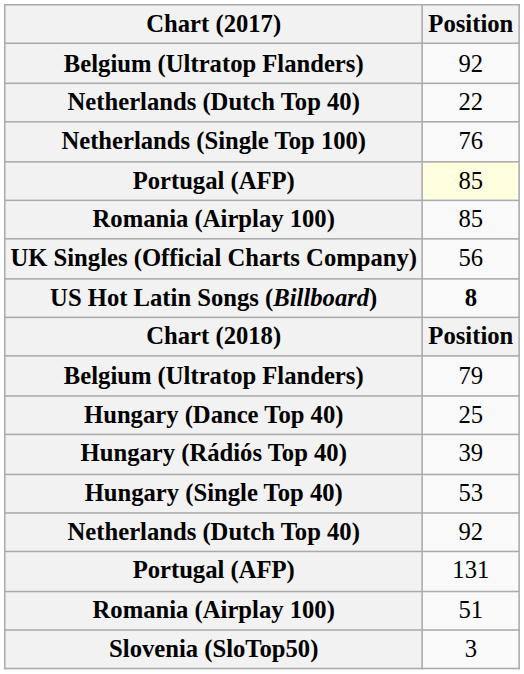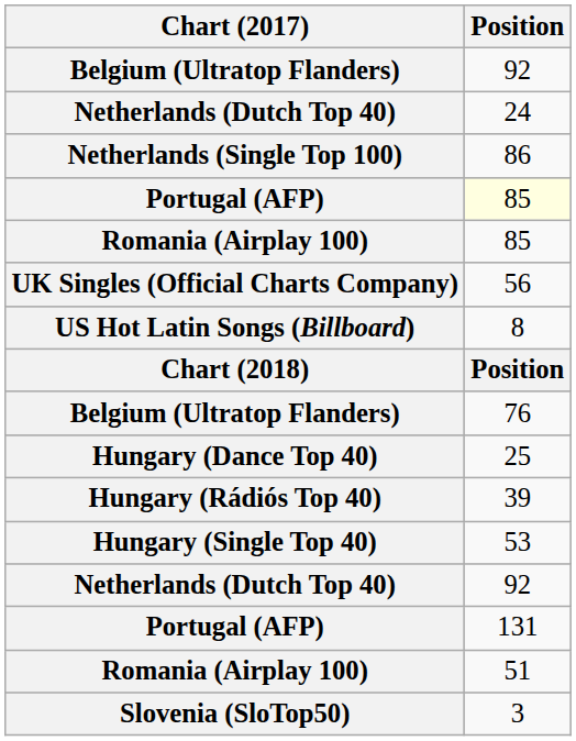 <table class="wikitable plainrowheaders sortable" style="text-align:center">
 <tr>
 <th scope="col">Chart (2017)</th>
 <th scope="col">Position</th>
 </tr>
 <tr>
 <th scope="row">Belgium (Ultratop Flanders)</th>
 <td>92</td>
 </tr>
 <tr>
 <th scope="row">Netherlands (Dutch Top 40)</th>
-<td>22</td>
+<td>24</td>
 </tr>
 <tr>
 <th scope="row">Netherlands (Single Top 100)</th>
-<td>76</td>
+<td>86</td>
 </tr>
 <tr>
 <th scope="row">Portugal (AFP)</th>
 <td style="background: lightyellow;">85</td>
 </tr>
 <tr>
 <th scope="row">Romania (Airplay 100)</th>
 <td>85</td>
 </tr>
 <tr>
 <th scope="row">UK Singles (Official Charts Company)</th>
 <td>56</td>
 </tr>
 <tr>
 <th scope="row">US Hot Latin Songs (<em>Billboard</em>)</th>
-<td><strong>8</strong></td>
+<td>8</td>
 </tr>
 <tr>
 <th scope="col">Chart (2018)</th>
 <th scope="col">Position</th>
 </tr>
 <tr>
 <th scope="row">Belgium (Ultratop Flanders)</th>
-<td>79</td>
+<td>76</td>
 </tr>
 <tr>
 <th scope="row">Hungary (Dance Top 40)</th>
 <td>25</td>
 </tr>
 <tr>
 <th scope="row">Hungary (Rádiós Top 40)</th>
 <td>39</td>
 </tr>
 <tr>
 <th scope="row">Hungary (Single Top 40)</th>
 <td>53</td>
 </tr>
 <tr>
 <th scope="row">Netherlands (Dutch Top 40)</th>
 <td>92</td>
 </tr>
 <tr>
 <th scope="row">Portugal (AFP)</th>
 <td>131</td>
 </tr>
 <tr>
 <th scope="row">Romania (Airplay 100)</th>
 <td>51</td>
 </tr>
 <tr>
 <th scope="row">Slovenia (SloTop50)</th>
 <td>3</td>
 </tr>
 </table>
